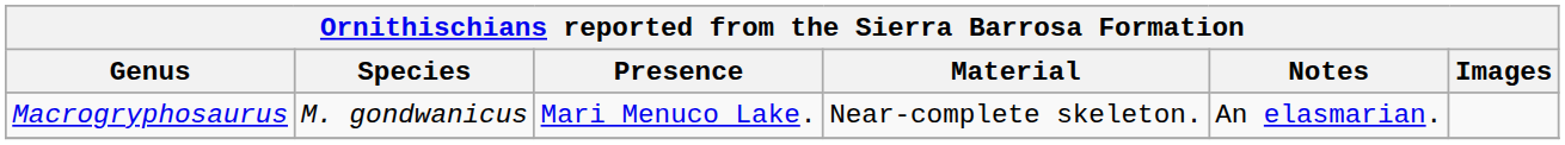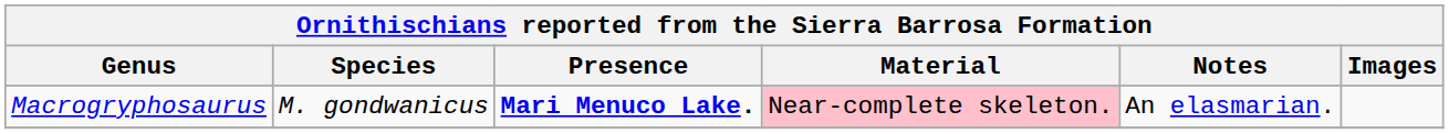 <table class="wikitable" align="center">
 <tr>
 <th colspan="6" align="center"><strong><a href='#'>Ornithischians</a> reported from the Sierra Barrosa Formation</strong></th>
 </tr>
 <tr>
 <th>Genus</th>
 <th>Species</th>
 <th>Presence</th>
 <th><strong>Material</strong></th>
 <th>Notes</th>
 <th>Images</th>
 </tr>
 <tr>
 <td><em><a href='#'>Macrogryphosaurus</a></em></td>
 <td><em>M. gondwanicus</em></td>
-<td><a href='#'>Mari Menuco Lake</a>.</td>
-<td>Near-complete skeleton.</td>
+<td><strong><a href='#'>Mari Menuco Lake</a>.</strong></td>
+<td style="background: pink;">Near-complete skeleton.</td>
 <td>An <a href='#'>elasmarian</a>.</td>
 <td></td>
 </tr>
 <tr>
 </tr>
 </table>
